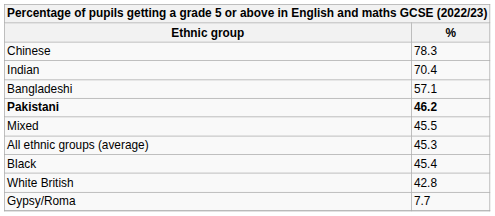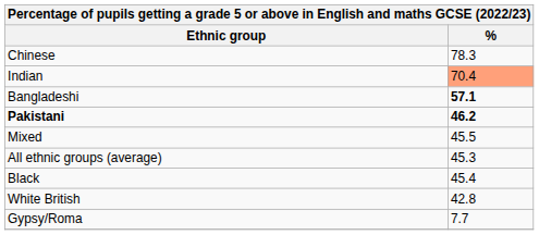 <table class="wikitable sortable">
 <tr>
 <th colspan="3">Percentage of pupils getting a grade 5 or above in English and maths GCSE (2022/23)</th>
 </tr>
 <tr>
 <th>Ethnic group</th>
 <th>%</th>
 </tr>
 <tr>
 <td>Chinese</td>
 <td>78.3</td>
 </tr>
 <tr>
 <td>Indian</td>
-<td>70.4</td>
+<td style="background: lightsalmon;">70.4</td>
 </tr>
 <tr>
 <td>Bangladeshi</td>
-<td>57.1</td>
+<td><strong>57.1</strong></td>
 </tr>
 <tr>
 <td><strong>Pakistani</strong></td>
 <td><strong>46.2</strong></td>
 </tr>
 <tr>
 <td>Mixed</td>
 <td>45.5</td>
 </tr>
 <tr>
 <td>All ethnic groups (average)</td>
 <td>45.3</td>
 </tr>
 <tr>
 <td>Black</td>
 <td>45.4</td>
 </tr>
 <tr>
 <td>White British</td>
 <td>42.8</td>
 </tr>
 <tr>
 <td>Gypsy/Roma</td>
 <td>7.7</td>
 </tr>
 <tr>
 </tr>
 </table>
